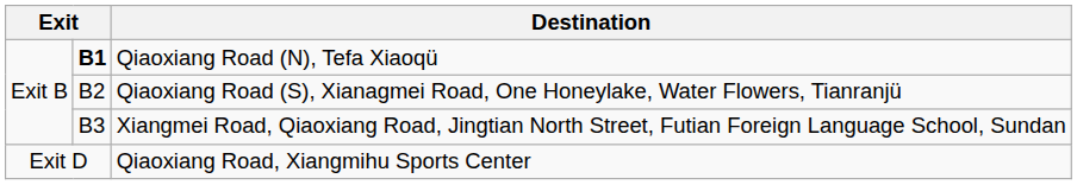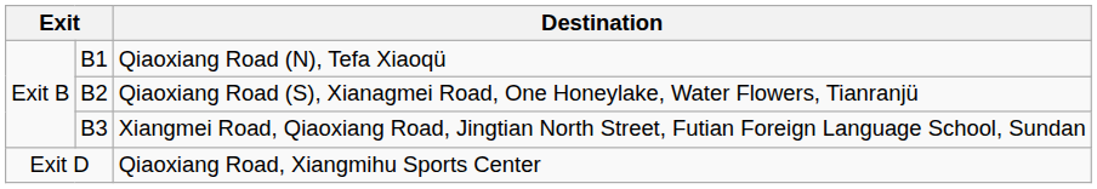 <table class="wikitable">
 <tr>
 <th style="width:70px" colspan="2">Exit</th>
 <th>Destination</th>
 </tr>
 <tr>
 <td align="center" rowspan="3">Exit B</td>
-<td><strong>B1</strong></td>
+<td>B1</td>
 <td>Qiaoxiang Road (N), Tefa Xiaoqü</td>
 </tr>
 <tr>
 <td>B2</td>
 <td>Qiaoxiang Road (S), Xianagmei Road, One Honeylake, Water Flowers, Tianranjü</td>
 </tr>
 <tr>
 <td>B3</td>
 <td>Xiangmei Road, Qiaoxiang Road, Jingtian North Street, Futian Foreign Language School, Sundan</td>
 </tr>
 <tr>
 <td align="center" colspan="2">Exit D</td>
 <td>Qiaoxiang Road, Xiangmihu Sports Center</td>
 </tr>
 </table>
